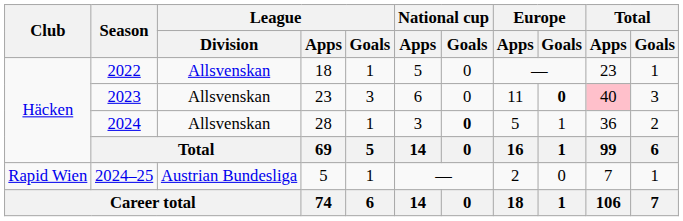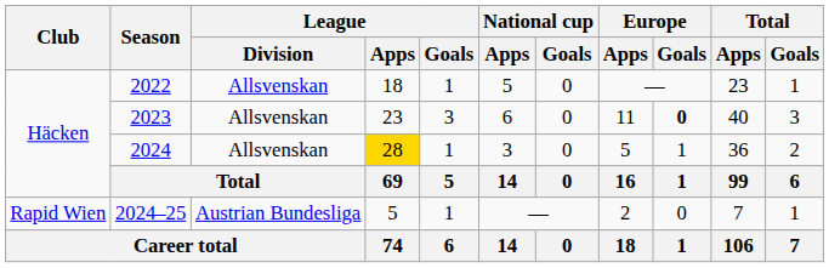 <table class="wikitable" style="text-align:center">
 <tr>
 <th rowspan="2">Club</th>
 <th rowspan="2">Season</th>
 <th colspan="3">League</th>
 <th colspan="2">National cup</th>
 <th colspan="2">Europe</th>
 <th colspan="2">Total</th>
 </tr>
 <tr>
 <th>Division</th>
 <th>Apps</th>
 <th>Goals</th>
 <th>Apps</th>
 <th>Goals</th>
 <th>Apps</th>
 <th>Goals</th>
 <th>Apps</th>
 <th>Goals</th>
 </tr>
 <tr>
 <td rowspan="4"><a href='#'>Häcken</a></td>
 <td><a href='#'>2022</a></td>
 <td><a href='#'>Allsvenskan</a></td>
 <td>18</td>
 <td>1</td>
 <td>5</td>
 <td>0</td>
 <td colspan="2">—</td>
 <td>23</td>
 <td>1</td>
 </tr>
 <tr>
 <td><a href='#'>2023</a></td>
 <td>Allsvenskan</td>
 <td>23</td>
 <td>3</td>
 <td>6</td>
 <td>0</td>
 <td>11</td>
 <td><strong>0</strong></td>
-<td style="background: pink;">40</td>
+<td>40</td>
 <td>3</td>
 </tr>
 <tr>
 <td><a href='#'>2024</a></td>
 <td>Allsvenskan</td>
-<td>28</td>
+<td style="background: gold;">28</td>
 <td>1</td>
 <td>3</td>
-<td><strong>0</strong></td>
+<td>0</td>
 <td>5</td>
 <td>1</td>
 <td>36</td>
 <td>2</td>
 </tr>
 <tr>
 <th colspan="2">Total</th>
 <th>69</th>
 <th>5</th>
 <th>14</th>
 <th>0</th>
 <th>16</th>
 <th>1</th>
 <th>99</th>
 <th>6</th>
 </tr>
 <tr>
 <td><a href='#'>Rapid Wien</a></td>
 <td><a href='#'>2024–25</a></td>
 <td><a href='#'>Austrian Bundesliga</a></td>
 <td>5</td>
 <td>1</td>
 <td colspan="2">—</td>
 <td>2</td>
 <td>0</td>
 <td>7</td>
 <td>1</td>
 </tr>
 <tr>
 <th colspan="3">Career total</th>
 <th>74</th>
 <th>6</th>
 <th>14</th>
 <th>0</th>
 <th>18</th>
 <th>1</th>
 <th>106</th>
 <th>7</th>
 </tr>
 </table>
